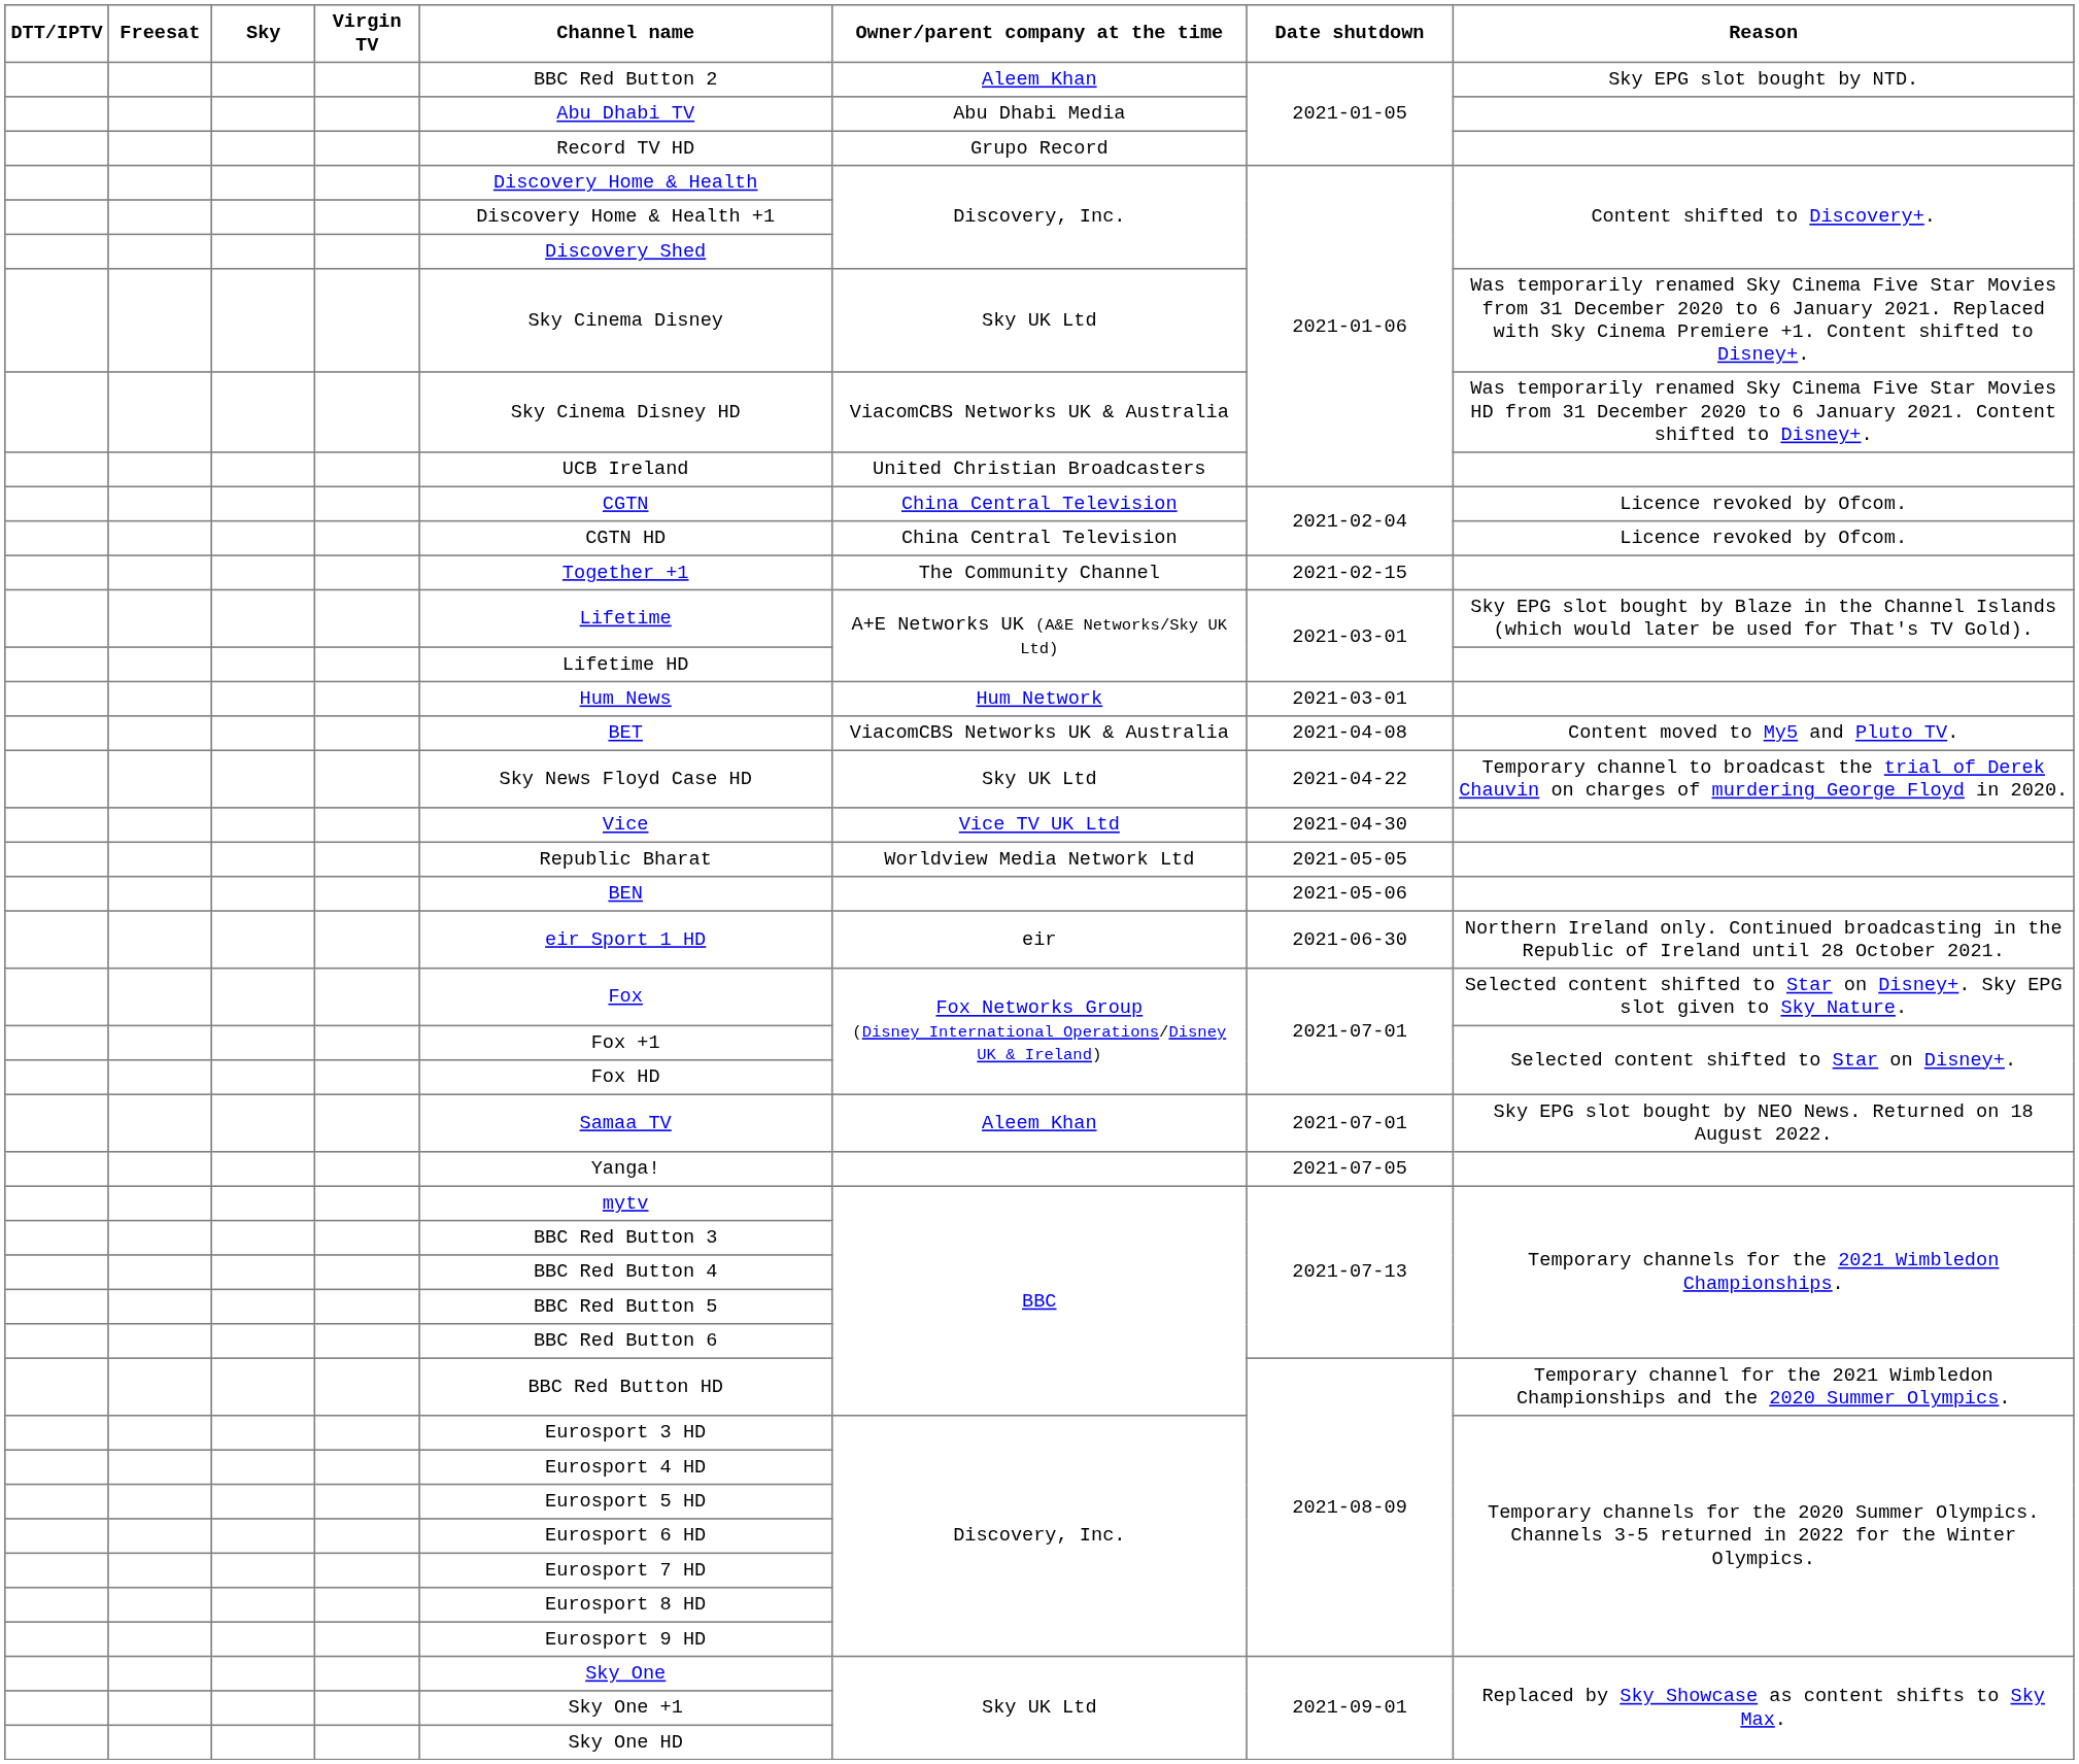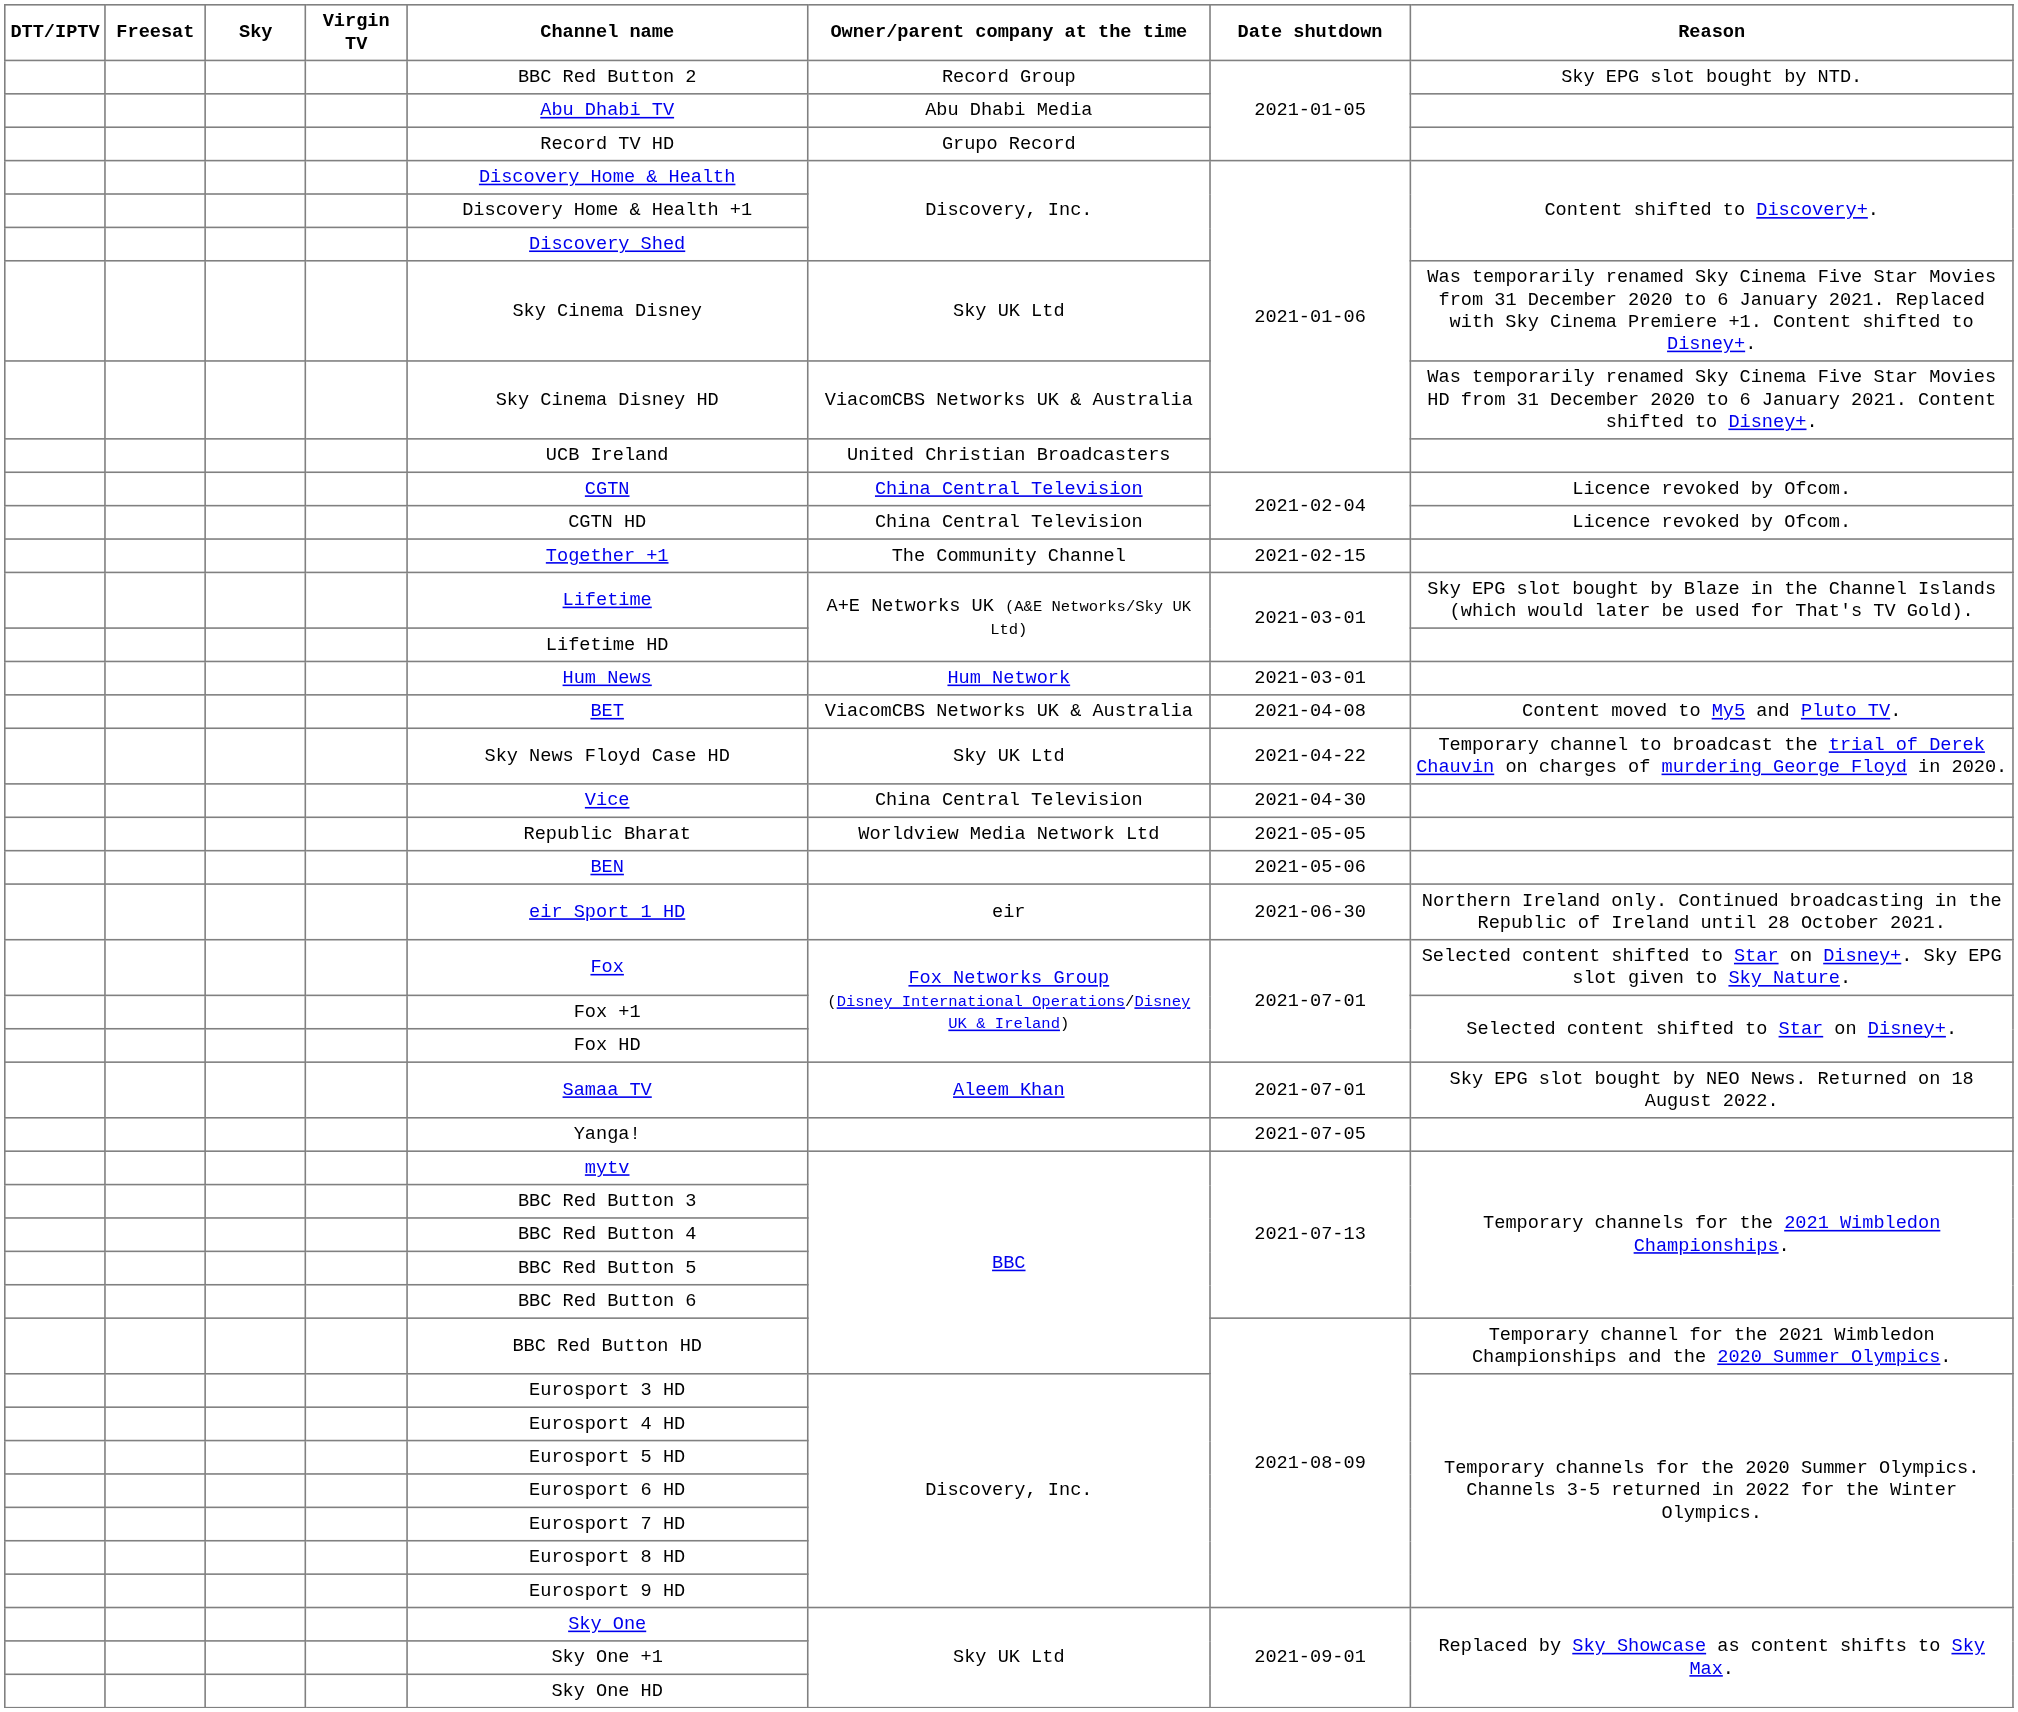 <table class="toccolors sortable" border="1" cellpadding="3" style="border-collapse:collapse; font-size: 90%; text-align:center" width="100%">
 <tr>
 <th width="5%">DTT/IPTV</th>
 <th width="5%">Freesat</th>
 <th width="5%">Sky</th>
 <th width="5%">Virgin TV</th>
 <th width="20%">Channel name</th>
 <th width="20%">Owner/parent company at the time</th>
 <th width="10%">Date shutdown </th>
 <th width="30%">Reason</th>
 </tr>
 <tr>
 <td></td>
 <td></td>
 <td></td>
 <td></td>
 <td>BBC Red Button 2</td>
-<td><a href='#'>Aleem Khan</a></td>
+<td>Record Group</td>
 <td rowspan="3">2021-01-05</td>
 <td>Sky EPG slot bought by NTD.</td>
 </tr>
 <tr>
 <td></td>
 <td></td>
 <td></td>
 <td></td>
 <td><a href='#'>Abu Dhabi TV</a></td>
 <td>Abu Dhabi Media</td>
 <td></td>
 </tr>
 <tr>
 <td></td>
 <td></td>
 <td></td>
 <td></td>
 <td>Record TV HD</td>
 <td>Grupo Record</td>
 <td></td>
 </tr>
 <tr>
 <td></td>
 <td></td>
 <td></td>
 <td></td>
 <td><a href='#'>Discovery Home & Health</a></td>
 <td rowspan = "3">Discovery, Inc.</td>
 <td rowspan="6">2021-01-06</td>
 <td rowspan = "3">Content shifted to <a href='#'>Discovery+</a>.</td>
 </tr>
 <tr>
 <td></td>
 <td></td>
 <td></td>
 <td></td>
 <td>Discovery Home & Health +1</td>
 </tr>
 <tr>
 <td></td>
 <td></td>
 <td></td>
 <td></td>
 <td><a href='#'>Discovery Shed</a></td>
 </tr>
 <tr>
 <td></td>
 <td></td>
 <td></td>
 <td></td>
 <td>Sky Cinema Disney</td>
 <td>Sky UK Ltd</td>
 <td>Was temporarily renamed Sky Cinema Five Star Movies from 31 December 2020 to 6 January 2021. Replaced with Sky Cinema Premiere +1. Content shifted to <a href='#'>Disney+</a>.</td>
 </tr>
 <tr>
 <td></td>
 <td></td>
 <td></td>
 <td></td>
 <td>Sky Cinema Disney HD</td>
 <td>ViacomCBS Networks UK & Australia</td>
 <td>Was temporarily renamed Sky Cinema Five Star Movies HD from 31 December 2020 to 6 January 2021. Content shifted to <a href='#'>Disney+</a>.</td>
 </tr>
 <tr>
 <td></td>
 <td></td>
 <td></td>
 <td></td>
 <td>UCB Ireland</td>
 <td>United Christian Broadcasters</td>
 <td></td>
 </tr>
 <tr>
 <td></td>
 <td></td>
 <td></td>
 <td></td>
 <td><a href='#'>CGTN</a></td>
 <td><a href='#'>China Central Television</a></td>
 <td rowspan="2">2021-02-04</td>
 <td>Licence revoked by Ofcom.</td>
 </tr>
 <tr>
 <td></td>
 <td></td>
 <td></td>
 <td></td>
 <td>CGTN HD</td>
 <td>China Central Television</td>
 <td>Licence revoked by Ofcom.</td>
 </tr>
 <tr>
 <td></td>
 <td></td>
 <td></td>
 <td></td>
 <td><a href='#'>Together +1</a></td>
 <td>The Community Channel</td>
 <td>2021-02-15</td>
 <td></td>
 </tr>
 <tr>
 <td></td>
 <td></td>
 <td></td>
 <td></td>
 <td><a href='#'>Lifetime</a></td>
 <td rowspan = "2">A+E Networks UK <small>(A&E Networks/Sky UK Ltd)</small></td>
 <td rowspan="2">2021-03-01</td>
 <td>Sky EPG slot bought by Blaze in the Channel Islands (which would later be used for That's TV Gold).</td>
 </tr>
 <tr>
 <td></td>
 <td></td>
 <td></td>
 <td></td>
 <td>Lifetime HD</td>
 <td></td>
 </tr>
 <tr>
 <td></td>
 <td></td>
 <td></td>
 <td></td>
 <td><a href='#'>Hum News</a></td>
 <td><a href='#'>Hum Network</a></td>
 <td>2021-03-01</td>
 <td></td>
 </tr>
 <tr>
 <td></td>
 <td></td>
 <td></td>
 <td></td>
 <td><a href='#'>BET</a></td>
 <td>ViacomCBS Networks UK & Australia</td>
 <td>2021-04-08</td>
 <td>Content moved to <a href='#'>My5</a> and <a href='#'>Pluto TV</a>.</td>
 </tr>
 <tr>
 <td></td>
 <td></td>
 <td></td>
 <td></td>
 <td>Sky News Floyd Case HD</td>
 <td>Sky UK Ltd</td>
 <td>2021-04-22</td>
 <td>Temporary channel to broadcast the <a href='#'>trial of Derek Chauvin</a> on charges of <a href='#'>murdering George Floyd</a> in 2020.</td>
 </tr>
 <tr>
 <td></td>
 <td></td>
 <td></td>
 <td></td>
 <td><a href='#'>Vice</a></td>
-<td><a href='#'>Vice TV UK Ltd</a></td>
+<td>China Central Television</td>
 <td>2021-04-30</td>
 <td></td>
 </tr>
 <tr>
 <td></td>
 <td></td>
 <td></td>
 <td></td>
 <td>Republic Bharat</td>
 <td>Worldview Media Network Ltd</td>
 <td>2021-05-05</td>
 <td></td>
 </tr>
 <tr>
 <td></td>
 <td></td>
 <td></td>
 <td></td>
 <td><a href='#'>BEN</a></td>
 <td></td>
 <td>2021-05-06</td>
 <td></td>
 </tr>
 <tr>
 <td></td>
 <td></td>
 <td></td>
 <td></td>
 <td><a href='#'>eir Sport 1 HD</a></td>
 <td>eir</td>
 <td>2021-06-30</td>
 <td>Northern Ireland only. Continued broadcasting in the Republic of Ireland until 28 October 2021.</td>
 </tr>
 <tr>
 <td></td>
 <td></td>
 <td></td>
 <td></td>
 <td><a href='#'>Fox</a></td>
 <td rowspan="3"><a href='#'>Fox Networks Group</a><br><small>(<a href='#'>Disney International Operations</a>/<a href='#'>Disney UK & Ireland</a>)</small></td>
 <td rowspan="3">2021-07-01</td>
 <td>Selected content shifted to <a href='#'>Star</a> on <a href='#'>Disney+</a>. Sky EPG slot given to <a href='#'>Sky Nature</a>.</td>
 </tr>
 <tr>
 <td></td>
 <td></td>
 <td></td>
 <td></td>
 <td>Fox +1</td>
 <td rowspan="2">Selected content shifted to <a href='#'>Star</a> on <a href='#'>Disney+</a>.</td>
 </tr>
 <tr>
 <td></td>
 <td></td>
 <td></td>
 <td></td>
 <td>Fox HD</td>
 </tr>
 <tr>
 <td></td>
 <td></td>
 <td></td>
 <td></td>
 <td><a href='#'>Samaa TV</a></td>
 <td><a href='#'>Aleem Khan</a></td>
 <td>2021-07-01</td>
 <td>Sky EPG slot bought by NEO News. Returned on 18 August 2022.</td>
 </tr>
 <tr>
 <td></td>
 <td></td>
 <td></td>
 <td></td>
 <td>Yanga!</td>
 <td></td>
 <td>2021-07-05</td>
 <td></td>
 </tr>
 <tr>
 <td></td>
 <td></td>
 <td></td>
 <td></td>
 <td><a href='#'>mytv</a></td>
 <td rowspan = "6"><a href='#'>BBC</a></td>
 <td rowspan = "5">2021-07-13</td>
 <td rowspan="5">Temporary channels for the <a href='#'>2021 Wimbledon Championships</a>.</td>
 </tr>
 <tr>
 <td></td>
 <td></td>
 <td></td>
 <td></td>
 <td>BBC Red Button 3</td>
 </tr>
 <tr>
 <td></td>
 <td></td>
 <td></td>
 <td></td>
 <td>BBC Red Button 4</td>
 </tr>
 <tr>
 <td></td>
 <td></td>
 <td></td>
 <td></td>
 <td>BBC Red Button 5</td>
 </tr>
 <tr>
 <td></td>
 <td></td>
 <td></td>
 <td></td>
 <td>BBC Red Button 6</td>
 </tr>
 <tr>
 <td></td>
 <td></td>
 <td></td>
 <td></td>
 <td>BBC Red Button HD</td>
 <td rowspan = "8">2021-08-09</td>
 <td>Temporary channel for the 2021 Wimbledon Championships and the <a href='#'>2020 Summer Olympics</a>.</td>
 </tr>
 <tr>
 <td></td>
 <td></td>
 <td></td>
 <td></td>
 <td>Eurosport 3 HD</td>
 <td rowspan = "7">Discovery, Inc.</td>
 <td rowspan="7">Temporary channels for the 2020 Summer Olympics. Channels 3-5 returned in 2022 for the Winter Olympics.</td>
 </tr>
 <tr>
 <td></td>
 <td></td>
 <td></td>
 <td></td>
 <td>Eurosport 4 HD</td>
 </tr>
 <tr>
 <td></td>
 <td></td>
 <td></td>
 <td></td>
 <td>Eurosport 5 HD</td>
 </tr>
 <tr>
 <td></td>
 <td></td>
 <td></td>
 <td></td>
 <td>Eurosport 6 HD</td>
 </tr>
 <tr>
 <td></td>
 <td></td>
 <td></td>
 <td></td>
 <td>Eurosport 7 HD</td>
 </tr>
 <tr>
 <td></td>
 <td></td>
 <td></td>
 <td></td>
 <td>Eurosport 8 HD</td>
 </tr>
 <tr>
 <td></td>
 <td></td>
 <td></td>
 <td></td>
 <td>Eurosport 9 HD</td>
 </tr>
 <tr>
 <td></td>
 <td></td>
 <td></td>
 <td></td>
 <td><a href='#'>Sky One</a></td>
 <td rowspan="3">Sky UK Ltd</td>
 <td rowspan="3">2021-09-01</td>
 <td rowspan="3">Replaced by <a href='#'>Sky Showcase</a> as content shifts to <a href='#'>Sky Max</a>.</td>
 </tr>
 <tr>
 <td></td>
 <td></td>
 <td></td>
 <td></td>
 <td>Sky One +1</td>
 </tr>
 <tr>
 <td></td>
 <td></td>
 <td></td>
 <td></td>
 <td>Sky One HD</td>
 </tr>
 </table>
